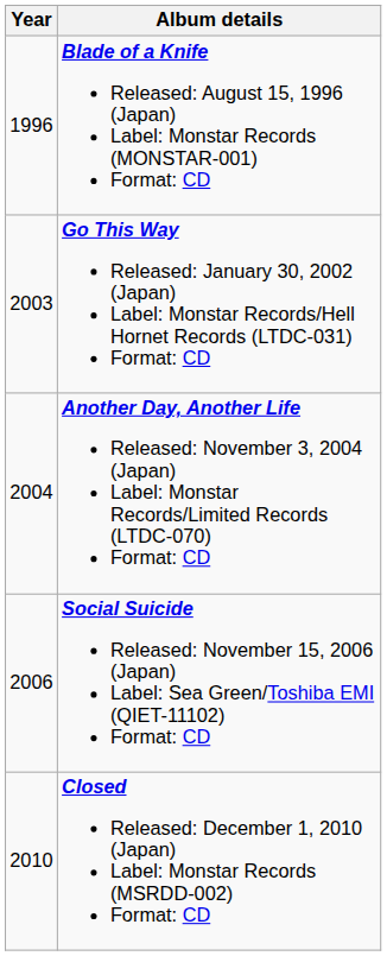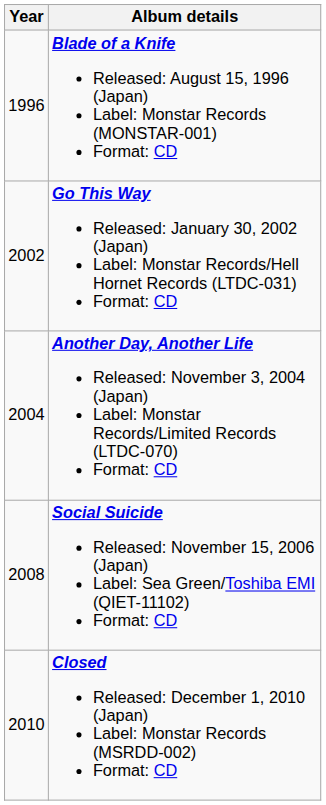 <table class="wikitable" border="1">
 <tr>
 <th>Year</th>
 <th width="260">Album details</th>
 </tr>
 <tr>
 <td>1996</td>
 <td><strong><em><a href='#'>Blade of a Knife</a></em></strong><br><ul><li>Released: August 15, 1996 (Japan)</li><li>Label: Monstar Records (MONSTAR-001)</li><li>Format: <a href='#'>CD</a></li></ul></td>
 </tr>
 <tr>
-<td>2003</td>
+<td>2002</td>
 <td><strong><em><a href='#'>Go This Way</a></em></strong><br><ul><li>Released: January 30, 2002 (Japan)</li><li>Label: Monstar Records/Hell Hornet Records (LTDC-031)</li><li>Format: <a href='#'>CD</a></li></ul></td>
 </tr>
 <tr>
 <td>2004</td>
 <td><strong><em><a href='#'>Another Day, Another Life</a></em></strong><br><ul><li>Released: November 3, 2004 (Japan)</li><li>Label: Monstar Records/Limited Records (LTDC-070)</li><li>Format: <a href='#'>CD</a></li></ul></td>
 </tr>
 <tr>
-<td>2006</td>
+<td>2008</td>
 <td><strong><em><a href='#'>Social Suicide</a></em></strong><br><ul><li>Released: November 15, 2006 (Japan)</li><li>Label: Sea Green/<a href='#'>Toshiba EMI</a> (QIET-11102)</li><li>Format: <a href='#'>CD</a></li></ul></td>
 </tr>
 <tr>
 <td>2010</td>
 <td><strong><em><a href='#'>Closed</a></em></strong><br><ul><li>Released: December 1, 2010 (Japan)</li><li>Label: Monstar Records (MSRDD-002)</li><li>Format: <a href='#'>CD</a></li></ul></td>
 </tr>
 </table>
